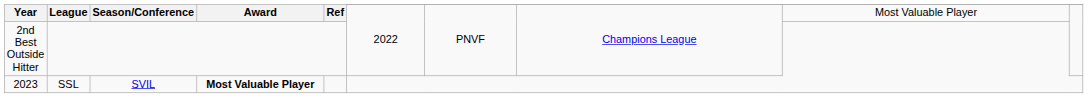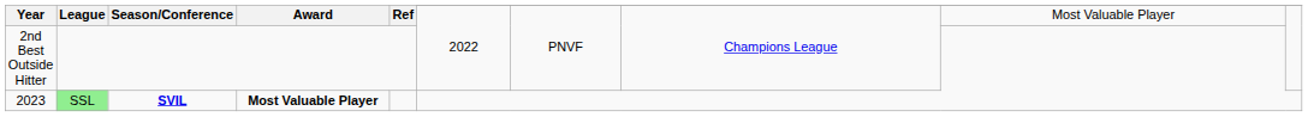 <table class="wikitable sortable" style="text-align:center" width="80%">
 <tr>
 <th style="width:5px;" rowspan="2">Year</th>
 <th style="width:25px;" rowspan="2">League</th>
 <th style="width:100px;" rowspan="2">Season/Conference</th>
 <th style="width:180px;" rowspan="2">Award</th>
 <th style="width:25px;" rowspan="2">Ref</th>
 </tr>
 <tr align=center>
 <td rowspan=2>2022</td>
 <td rowspan=2>PNVF</td>
 <td rowspan=2><a href='#'>Champions League</a></td>
 <td>Most Valuable Player</td>
 <td rowspan=2></td>
 </tr>
 <tr align=center>
 <td>2nd Best Outside Hitter</td>
 </tr>
 <tr align=center>
 <td>2023</td>
-<td>SSL</td>
-<td><a href='#'>SVIL</a></td>
+<td style="background: lightgreen;">SSL</td>
+<td><strong><a href='#'>SVIL</a></strong></td>
 <td><strong>Most Valuable Player</strong></td>
 <td></td>
 </tr>
 </table>
